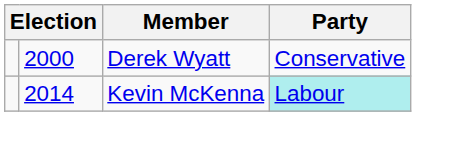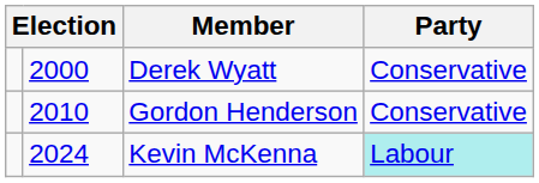 <table class="wikitable">
 <tr>
 <th colspan="2">Election</th>
 <th>Member</th>
 <th>Party</th>
 </tr>
 <tr>
 <td style="color:inherit;background-color: "></td>
 <td><a href='#'>2000</a></td>
 <td><a href='#'>Derek Wyatt</a></td>
 <td><a href='#'>Conservative</a></td>
 </tr>
 <tr>
 <td style="color:inherit;background-color: "></td>
-<td><a href='#'>2014</a></td>
+<td><a href='#'>2010</a></td>
+<td><a href='#'>Gordon Henderson</a></td>
+<td><a href='#'>Conservative</a></td>
+</tr>
+<tr>
+<td style="color:inherit;background-color: "></td>
+<td><a href='#'>2024</a></td>
 <td><a href='#'>Kevin McKenna</a></td>
 <td style="background: paleturquoise;"><a href='#'>Labour</a></td>
 </tr>
 </table>
